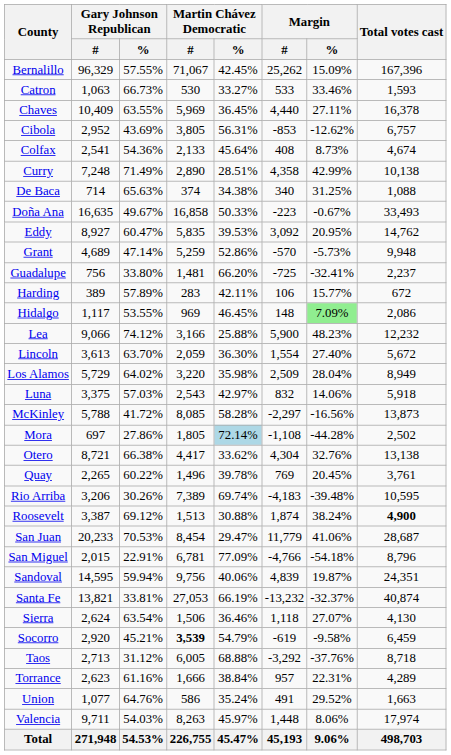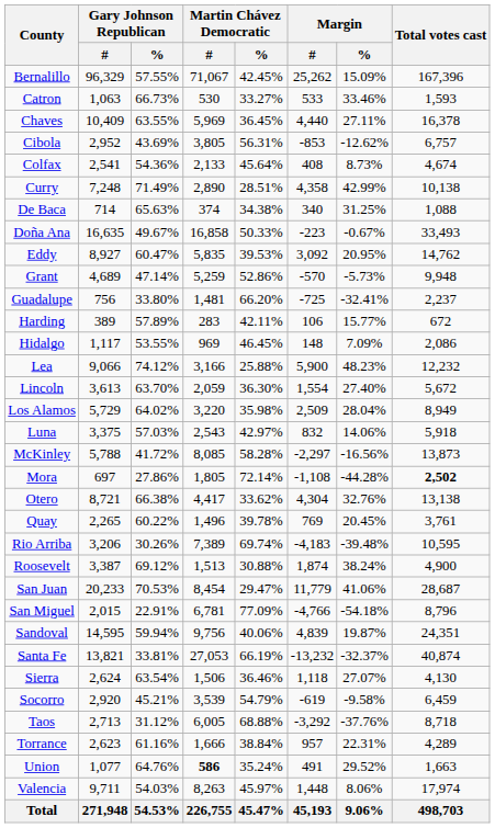 <table class="wikitable sortable" style="text-align:center">
 <tr>
 <th style="text-align:center;" rowspan="2">County</th>
 <th style="text-align:center;" colspan="2">Gary Johnson<br>Republican</th>
 <th style="text-align:center;" colspan="2">Martin Chávez<br>Democratic</th>
 <th style="text-align:center;" colspan="2">Margin</th>
 <th style="text-align:center;" rowspan="2">Total votes cast</th>
 </tr>
 <tr>
 <th style="text-align:center;" data-sort-type="number">#</th>
 <th style="text-align:center;" data-sort-type="number">%</th>
 <th style="text-align:center;" data-sort-type="number">#</th>
 <th style="text-align:center;" data-sort-type="number">%</th>
 <th style="text-align:center;" data-sort-type="number">#</th>
 <th style="text-align:center;" data-sort-type="number">%</th>
 </tr>
 <tr style="text-align:center;">
 <td><a href='#'>Bernalillo</a></td>
 <td>96,329</td>
 <td>57.55%</td>
 <td>71,067</td>
 <td>42.45%</td>
 <td>25,262</td>
 <td>15.09%</td>
 <td>167,396</td>
 </tr>
 <tr style="text-align:center;">
 <td><a href='#'>Catron</a></td>
 <td>1,063</td>
 <td>66.73%</td>
 <td>530</td>
 <td>33.27%</td>
 <td>533</td>
 <td>33.46%</td>
 <td>1,593</td>
 </tr>
 <tr style="text-align:center;">
 <td><a href='#'>Chaves</a></td>
 <td>10,409</td>
 <td>63.55%</td>
 <td>5,969</td>
 <td>36.45%</td>
 <td>4,440</td>
 <td>27.11%</td>
 <td>16,378</td>
 </tr>
 <tr style="text-align:center;">
 <td><a href='#'>Cibola</a></td>
 <td>2,952</td>
 <td>43.69%</td>
 <td>3,805</td>
 <td>56.31%</td>
 <td>-853</td>
 <td>-12.62%</td>
 <td>6,757</td>
 </tr>
 <tr style="text-align:center;">
 <td><a href='#'>Colfax</a></td>
 <td>2,541</td>
 <td>54.36%</td>
 <td>2,133</td>
 <td>45.64%</td>
 <td>408</td>
 <td>8.73%</td>
 <td>4,674</td>
 </tr>
 <tr style="text-align:center;">
 <td><a href='#'>Curry</a></td>
 <td>7,248</td>
 <td>71.49%</td>
 <td>2,890</td>
 <td>28.51%</td>
 <td>4,358</td>
 <td>42.99%</td>
 <td>10,138</td>
 </tr>
 <tr style="text-align:center;">
 <td><a href='#'>De Baca</a></td>
 <td>714</td>
 <td>65.63%</td>
 <td>374</td>
 <td>34.38%</td>
 <td>340</td>
 <td>31.25%</td>
 <td>1,088</td>
 </tr>
 <tr style="text-align:center;">
 <td><a href='#'>Doña Ana</a></td>
 <td>16,635</td>
 <td>49.67%</td>
 <td>16,858</td>
 <td>50.33%</td>
 <td>-223</td>
 <td>-0.67%</td>
 <td>33,493</td>
 </tr>
 <tr style="text-align:center;">
 <td><a href='#'>Eddy</a></td>
 <td>8,927</td>
 <td>60.47%</td>
 <td>5,835</td>
 <td>39.53%</td>
 <td>3,092</td>
 <td>20.95%</td>
 <td>14,762</td>
 </tr>
 <tr style="text-align:center;">
 <td><a href='#'>Grant</a></td>
 <td>4,689</td>
 <td>47.14%</td>
 <td>5,259</td>
 <td>52.86%</td>
 <td>-570</td>
 <td>-5.73%</td>
 <td>9,948</td>
 </tr>
 <tr style="text-align:center;">
 <td><a href='#'>Guadalupe</a></td>
 <td>756</td>
 <td>33.80%</td>
 <td>1,481</td>
 <td>66.20%</td>
 <td>-725</td>
 <td>-32.41%</td>
 <td>2,237</td>
 </tr>
 <tr style="text-align:center;">
 <td><a href='#'>Harding</a></td>
 <td>389</td>
 <td>57.89%</td>
 <td>283</td>
 <td>42.11%</td>
 <td>106</td>
 <td>15.77%</td>
 <td>672</td>
 </tr>
 <tr style="text-align:center;">
 <td><a href='#'>Hidalgo</a></td>
 <td>1,117</td>
 <td>53.55%</td>
 <td>969</td>
 <td>46.45%</td>
 <td>148</td>
-<td style="background: lightgreen;">7.09%</td>
+<td>7.09%</td>
 <td>2,086</td>
 </tr>
 <tr style="text-align:center;">
 <td><a href='#'>Lea</a></td>
 <td>9,066</td>
 <td>74.12%</td>
 <td>3,166</td>
 <td>25.88%</td>
 <td>5,900</td>
 <td>48.23%</td>
 <td>12,232</td>
 </tr>
 <tr style="text-align:center;">
 <td><a href='#'>Lincoln</a></td>
 <td>3,613</td>
 <td>63.70%</td>
 <td>2,059</td>
 <td>36.30%</td>
 <td>1,554</td>
 <td>27.40%</td>
 <td>5,672</td>
 </tr>
 <tr style="text-align:center;">
 <td><a href='#'>Los Alamos</a></td>
 <td>5,729</td>
 <td>64.02%</td>
 <td>3,220</td>
 <td>35.98%</td>
 <td>2,509</td>
 <td>28.04%</td>
 <td>8,949</td>
 </tr>
 <tr style="text-align:center;">
 <td><a href='#'>Luna</a></td>
 <td>3,375</td>
 <td>57.03%</td>
 <td>2,543</td>
 <td>42.97%</td>
 <td>832</td>
 <td>14.06%</td>
 <td>5,918</td>
 </tr>
 <tr style="text-align:center;">
 <td><a href='#'>McKinley</a></td>
 <td>5,788</td>
 <td>41.72%</td>
 <td>8,085</td>
 <td>58.28%</td>
 <td>-2,297</td>
 <td>-16.56%</td>
 <td>13,873</td>
 </tr>
 <tr style="text-align:center;">
 <td><a href='#'>Mora</a></td>
 <td>697</td>
 <td>27.86%</td>
 <td>1,805</td>
-<td style="background: lightblue;">72.14%</td>
+<td>72.14%</td>
 <td>-1,108</td>
 <td>-44.28%</td>
-<td>2,502</td>
+<td><strong>2,502</strong></td>
 </tr>
 <tr style="text-align:center;">
 <td><a href='#'>Otero</a></td>
 <td>8,721</td>
 <td>66.38%</td>
 <td>4,417</td>
 <td>33.62%</td>
 <td>4,304</td>
 <td>32.76%</td>
 <td>13,138</td>
 </tr>
 <tr style="text-align:center;">
 <td><a href='#'>Quay</a></td>
 <td>2,265</td>
 <td>60.22%</td>
 <td>1,496</td>
 <td>39.78%</td>
 <td>769</td>
 <td>20.45%</td>
 <td>3,761</td>
 </tr>
 <tr style="text-align:center;">
 <td><a href='#'>Rio Arriba</a></td>
 <td>3,206</td>
 <td>30.26%</td>
 <td>7,389</td>
 <td>69.74%</td>
 <td>-4,183</td>
 <td>-39.48%</td>
 <td>10,595</td>
 </tr>
 <tr style="text-align:center;">
 <td><a href='#'>Roosevelt</a></td>
 <td>3,387</td>
 <td>69.12%</td>
 <td>1,513</td>
 <td>30.88%</td>
 <td>1,874</td>
 <td>38.24%</td>
-<td><strong>4,900</strong></td>
+<td>4,900</td>
 </tr>
 <tr style="text-align:center;">
 <td><a href='#'>San Juan</a></td>
 <td>20,233</td>
 <td>70.53%</td>
 <td>8,454</td>
 <td>29.47%</td>
 <td>11,779</td>
 <td>41.06%</td>
 <td>28,687</td>
 </tr>
 <tr style="text-align:center;">
 <td><a href='#'>San Miguel</a></td>
 <td>2,015</td>
 <td>22.91%</td>
 <td>6,781</td>
 <td>77.09%</td>
 <td>-4,766</td>
 <td>-54.18%</td>
 <td>8,796</td>
 </tr>
 <tr style="text-align:center;">
 <td><a href='#'>Sandoval</a></td>
 <td>14,595</td>
 <td>59.94%</td>
 <td>9,756</td>
 <td>40.06%</td>
 <td>4,839</td>
 <td>19.87%</td>
 <td>24,351</td>
 </tr>
 <tr style="text-align:center;">
 <td><a href='#'>Santa Fe</a></td>
 <td>13,821</td>
 <td>33.81%</td>
 <td>27,053</td>
 <td>66.19%</td>
 <td>-13,232</td>
 <td>-32.37%</td>
 <td>40,874</td>
 </tr>
 <tr style="text-align:center;">
 <td><a href='#'>Sierra</a></td>
 <td>2,624</td>
 <td>63.54%</td>
 <td>1,506</td>
 <td>36.46%</td>
 <td>1,118</td>
 <td>27.07%</td>
 <td>4,130</td>
 </tr>
 <tr style="text-align:center;">
 <td><a href='#'>Socorro</a></td>
 <td>2,920</td>
 <td>45.21%</td>
-<td><strong>3,539</strong></td>
+<td>3,539</td>
 <td>54.79%</td>
 <td>-619</td>
 <td>-9.58%</td>
 <td>6,459</td>
 </tr>
 <tr style="text-align:center;">
 <td><a href='#'>Taos</a></td>
 <td>2,713</td>
 <td>31.12%</td>
 <td>6,005</td>
 <td>68.88%</td>
 <td>-3,292</td>
 <td>-37.76%</td>
 <td>8,718</td>
 </tr>
 <tr style="text-align:center;">
 <td><a href='#'>Torrance</a></td>
 <td>2,623</td>
 <td>61.16%</td>
 <td>1,666</td>
 <td>38.84%</td>
 <td>957</td>
 <td>22.31%</td>
 <td>4,289</td>
 </tr>
 <tr style="text-align:center;">
 <td><a href='#'>Union</a></td>
 <td>1,077</td>
 <td>64.76%</td>
-<td>586</td>
+<td><strong>586</strong></td>
 <td>35.24%</td>
 <td>491</td>
 <td>29.52%</td>
 <td>1,663</td>
 </tr>
 <tr style="text-align:center;">
 <td><a href='#'>Valencia</a></td>
 <td>9,711</td>
 <td>54.03%</td>
 <td>8,263</td>
 <td>45.97%</td>
 <td>1,448</td>
 <td>8.06%</td>
 <td>17,974</td>
 </tr>
 <tr style="text-align:center;">
 <th>Total</th>
 <th>271,948</th>
 <th>54.53%</th>
 <th>226,755</th>
 <th>45.47%</th>
 <th>45,193</th>
 <th>9.06%</th>
 <th>498,703</th>
 </tr>
 </table>
